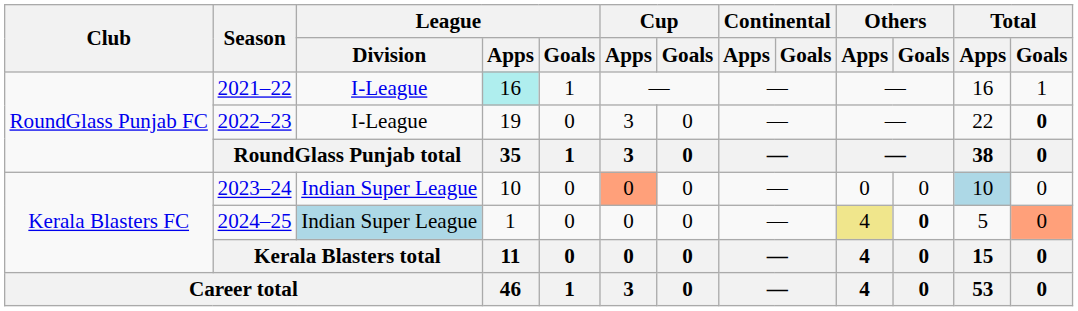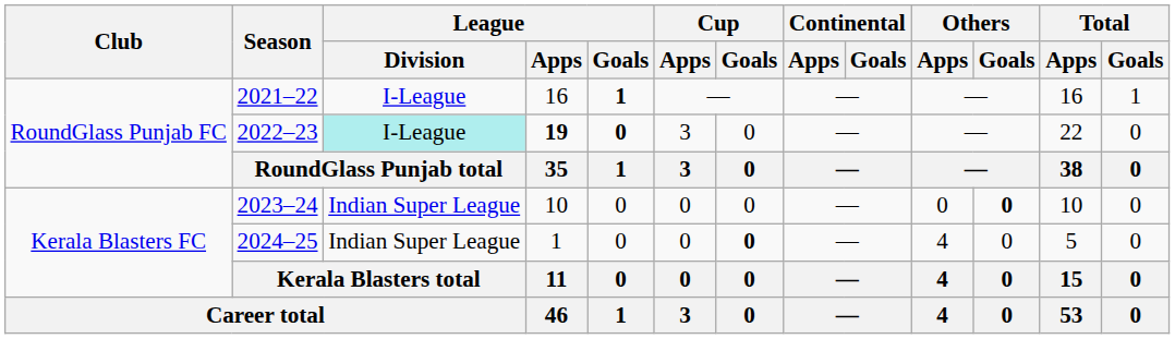 <table class="wikitable" style="text-align: center;">
 <tr>
 <th rowspan="2">Club</th>
 <th rowspan="2">Season</th>
 <th colspan="3">League</th>
 <th colspan="2">Cup</th>
 <th colspan="2">Continental</th>
 <th colspan="2">Others</th>
 <th colspan="2">Total</th>
 </tr>
 <tr>
 <th>Division</th>
 <th>Apps</th>
 <th>Goals</th>
 <th>Apps</th>
 <th>Goals</th>
 <th>Apps</th>
 <th>Goals</th>
 <th>Apps</th>
 <th>Goals</th>
 <th>Apps</th>
 <th>Goals</th>
 </tr>
 <tr>
 <td rowspan="3"><a href='#'>RoundGlass Punjab FC</a></td>
 <td><a href='#'>2021–22</a></td>
 <td rowspan="1"><a href='#'>I-League</a></td>
-<td style="background: paleturquoise;">16</td>
-<td>1</td>
+<td>16</td>
+<td><strong>1</strong></td>
 <td colspan="2">—</td>
 <td colspan="2">—</td>
 <td colspan="2">—</td>
 <td>16</td>
 <td>1</td>
 </tr>
 <tr>
 <td><a href='#'>2022–23</a></td>
-<td rowspan="1">I-League</td>
-<td>19</td>
-<td>0</td>
+<td rowspan="1" style="background: paleturquoise;">I-League</td>
+<td><strong>19</strong></td>
+<td><strong>0</strong></td>
 <td>3</td>
 <td>0</td>
 <td colspan="2">—</td>
 <td colspan="2">—</td>
 <td>22</td>
-<td><strong>0</strong></td>
+<td>0</td>
 </tr>
 <tr>
 <th colspan="2">RoundGlass Punjab total</th>
 <th>35</th>
 <th>1</th>
 <th>3</th>
 <th>0</th>
 <th colspan="2">—</th>
 <th colspan="2">—</th>
 <th>38</th>
 <th>0</th>
 </tr>
 <tr>
 <td rowspan="3"><a href='#'>Kerala Blasters FC</a></td>
 <td><a href='#'>2023–24</a></td>
 <td rowspan="1"><a href='#'>Indian Super League</a></td>
 <td>10</td>
 <td>0</td>
-<td style="background: lightsalmon;">0</td>
+<td>0</td>
 <td>0</td>
 <td colspan="2">—</td>
 <td>0</td>
-<td>0</td>
-<td style="background: lightblue;">10</td>
+<td><strong>0</strong></td>
+<td>10</td>
 <td>0</td>
 </tr>
 <tr>
 <td><a href='#'>2024–25</a></td>
-<td rowspan="1" style="background: lightblue;">Indian Super League</td>
+<td rowspan="1">Indian Super League</td>
 <td>1</td>
 <td>0</td>
 <td>0</td>
+<td><strong>0</strong></td>
+<td colspan="2">—</td>
+<td>4</td>
 <td>0</td>
-<td colspan="2">—</td>
-<td style="background: khaki;">4</td>
-<td><strong>0</strong></td>
 <td>5</td>
-<td style="background: lightsalmon;">0</td>
+<td>0</td>
 </tr>
 <tr>
 <th colspan="2">Kerala Blasters total</th>
 <th>11</th>
 <th>0</th>
 <th>0</th>
 <th>0</th>
 <th colspan="2">—</th>
 <th>4</th>
 <th>0</th>
 <th>15</th>
 <th>0</th>
 </tr>
 <tr>
 <th colspan="3">Career total</th>
 <th>46</th>
 <th>1</th>
 <th>3</th>
 <th>0</th>
 <th colspan="2">—</th>
 <th>4</th>
 <th>0</th>
 <th>53</th>
 <th>0</th>
 </tr>
 </table>
